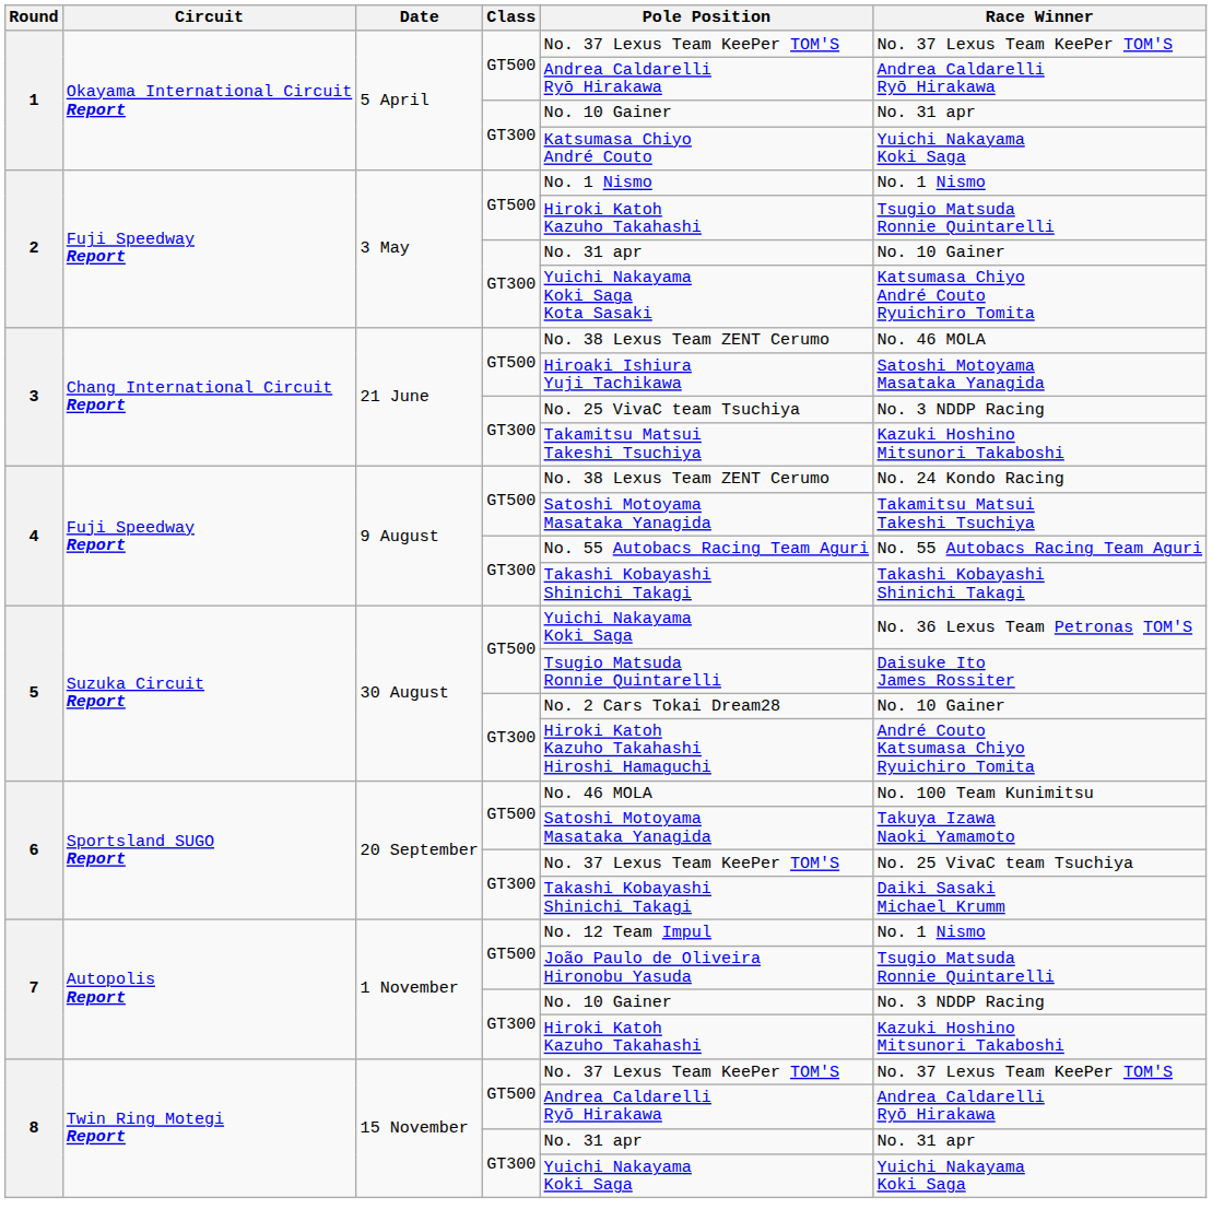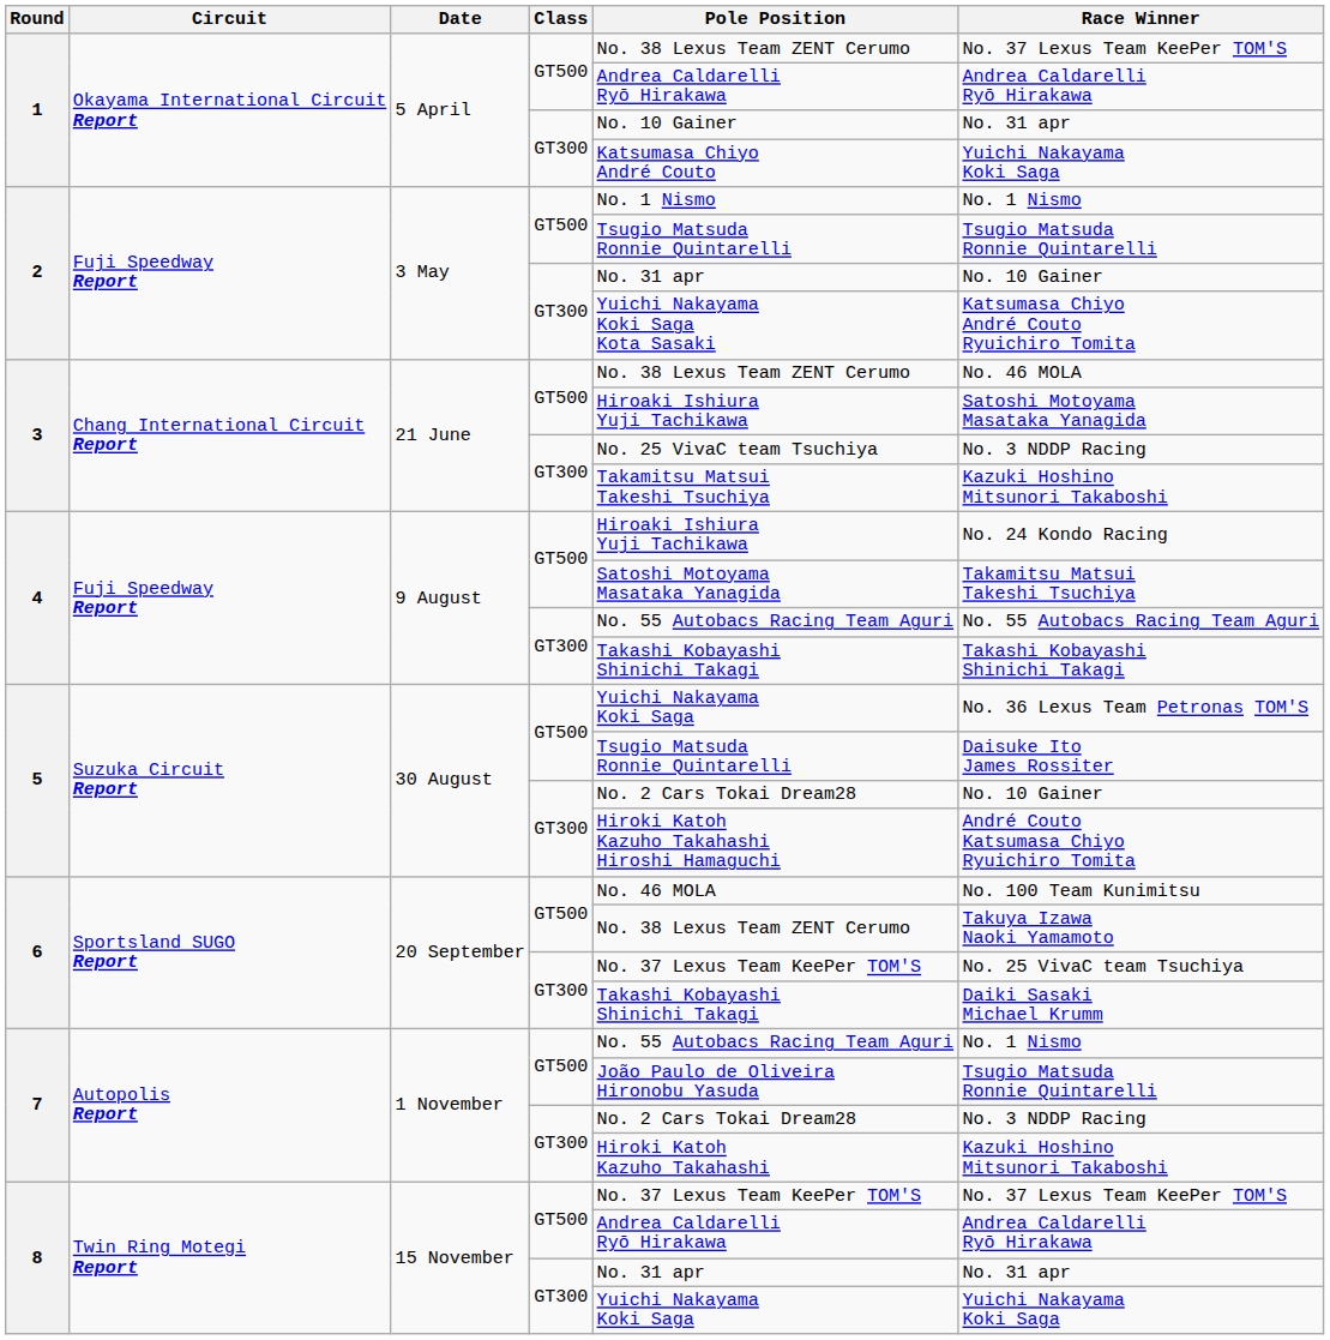 <table class="wikitable" style="font-size: 85%;">
 <tr>
 <th>Round</th>
 <th>Circuit</th>
 <th>Date</th>
 <th>Class</th>
 <th>Pole Position</th>
 <th>Race Winner</th>
 </tr>
 <tr>
 <th rowspan=4>1</th>
 <td rowspan=4> <a href='#'>Okayama International Circuit</a><br><strong><em><a href='#'>Report</a></em></strong></td>
 <td rowspan=4>5 April</td>
 <td align=center rowspan=2>GT500</td>
-<td>No. 37 Lexus Team KeePer <a href='#'>TOM'S</a></td>
+<td>No. 38 Lexus Team ZENT Cerumo</td>
 <td>No. 37 Lexus Team KeePer <a href='#'>TOM'S</a></td>
 </tr>
 <tr>
 <td> <a href='#'>Andrea Caldarelli</a><br> <a href='#'>Ryō Hirakawa</a></td>
 <td> <a href='#'>Andrea Caldarelli</a><br> <a href='#'>Ryō Hirakawa</a></td>
 </tr>
 <tr>
 <td align=center rowspan=2>GT300</td>
 <td>No. 10 Gainer</td>
 <td>No. 31 apr</td>
 </tr>
 <tr>
 <td> <a href='#'>Katsumasa Chiyo</a><br> <a href='#'>André Couto</a></td>
 <td> <a href='#'>Yuichi Nakayama</a><br> <a href='#'>Koki Saga</a></td>
 </tr>
 <tr>
 <th rowspan=4>2</th>
 <td rowspan=4> <a href='#'>Fuji Speedway</a><br><strong><em><a href='#'>Report</a></em></strong></td>
 <td rowspan=4>3 May</td>
 <td align=center rowspan=2>GT500</td>
 <td>No. 1 <a href='#'>Nismo</a></td>
 <td>No. 1 <a href='#'>Nismo</a></td>
 </tr>
 <tr>
-<td> <a href='#'>Hiroki Katoh</a><br> <a href='#'>Kazuho Takahashi</a></td>
+<td> <a href='#'>Tsugio Matsuda</a><br> <a href='#'>Ronnie Quintarelli</a></td>
 <td> <a href='#'>Tsugio Matsuda</a><br> <a href='#'>Ronnie Quintarelli</a></td>
 </tr>
 <tr>
 <td align=center rowspan=2>GT300</td>
 <td>No. 31 apr</td>
 <td>No. 10 Gainer</td>
 </tr>
 <tr>
 <td> <a href='#'>Yuichi Nakayama</a><br> <a href='#'>Koki Saga</a><br> <a href='#'>Kota Sasaki</a></td>
 <td> <a href='#'>Katsumasa Chiyo</a><br> <a href='#'>André Couto</a><br> <a href='#'>Ryuichiro Tomita</a></td>
 </tr>
 <tr>
 <th rowspan=4>3</th>
 <td rowspan=4> <a href='#'>Chang International Circuit</a><br><strong><em><a href='#'>Report</a></em></strong></td>
 <td rowspan=4>21 June</td>
 <td align=center rowspan=2>GT500</td>
 <td>No. 38 Lexus Team ZENT Cerumo</td>
 <td>No. 46 MOLA</td>
 </tr>
 <tr>
 <td> <a href='#'>Hiroaki Ishiura</a><br> <a href='#'>Yuji Tachikawa</a></td>
 <td> <a href='#'>Satoshi Motoyama</a><br> <a href='#'>Masataka Yanagida</a></td>
 </tr>
 <tr>
 <td align=center rowspan=2>GT300</td>
 <td>No. 25 VivaC team Tsuchiya</td>
 <td>No. 3 NDDP Racing</td>
 </tr>
 <tr>
 <td> <a href='#'>Takamitsu Matsui</a><br> <a href='#'>Takeshi Tsuchiya</a></td>
 <td> <a href='#'>Kazuki Hoshino</a><br> <a href='#'>Mitsunori Takaboshi</a></td>
 </tr>
 <tr>
 <th rowspan=4>4</th>
 <td rowspan=4> <a href='#'>Fuji Speedway</a><br><strong><em><a href='#'>Report</a></em></strong></td>
 <td rowspan=4>9 August</td>
 <td align=center rowspan=2>GT500</td>
-<td>No. 38 Lexus Team ZENT Cerumo</td>
+<td> <a href='#'>Hiroaki Ishiura</a><br> <a href='#'>Yuji Tachikawa</a></td>
 <td>No. 24 Kondo Racing</td>
 </tr>
 <tr>
 <td> <a href='#'>Satoshi Motoyama</a><br> <a href='#'>Masataka Yanagida</a></td>
 <td> <a href='#'>Takamitsu Matsui</a><br> <a href='#'>Takeshi Tsuchiya</a></td>
 </tr>
 <tr>
 <td align=center rowspan=2>GT300</td>
 <td>No. 55 <a href='#'>Autobacs Racing Team Aguri</a></td>
 <td>No. 55 <a href='#'>Autobacs Racing Team Aguri</a></td>
 </tr>
 <tr>
 <td> <a href='#'>Takashi Kobayashi</a><br> <a href='#'>Shinichi Takagi</a></td>
 <td> <a href='#'>Takashi Kobayashi</a><br> <a href='#'>Shinichi Takagi</a></td>
 </tr>
 <tr>
 <th rowspan=4>5</th>
 <td rowspan=4> <a href='#'>Suzuka Circuit</a><br><strong><em><a href='#'>Report</a></em></strong></td>
 <td rowspan=4>30 August</td>
 <td align=center rowspan=2>GT500</td>
 <td> <a href='#'>Yuichi Nakayama</a><br> <a href='#'>Koki Saga</a></td>
 <td>No. 36 Lexus Team <a href='#'>Petronas</a> <a href='#'>TOM'S</a></td>
 </tr>
 <tr>
 <td> <a href='#'>Tsugio Matsuda</a><br> <a href='#'>Ronnie Quintarelli</a></td>
 <td> <a href='#'>Daisuke Ito</a><br> <a href='#'>James Rossiter</a></td>
 </tr>
 <tr>
 <td align=center rowspan=2>GT300</td>
 <td>No. 2 Cars Tokai Dream28</td>
 <td>No. 10 Gainer</td>
 </tr>
 <tr>
 <td> <a href='#'>Hiroki Katoh</a><br> <a href='#'>Kazuho Takahashi</a><br> <a href='#'>Hiroshi Hamaguchi</a></td>
 <td> <a href='#'>André Couto</a><br> <a href='#'>Katsumasa Chiyo</a><br> <a href='#'>Ryuichiro Tomita</a></td>
 </tr>
 <tr>
 <th rowspan=4>6</th>
 <td rowspan=4> <a href='#'>Sportsland SUGO</a><br><strong><em><a href='#'>Report</a></em></strong></td>
 <td rowspan=4>20 September</td>
 <td align=center rowspan=2>GT500</td>
 <td>No. 46 MOLA</td>
 <td>No. 100 Team Kunimitsu</td>
 </tr>
 <tr>
-<td> <a href='#'>Satoshi Motoyama</a><br> <a href='#'>Masataka Yanagida</a></td>
+<td>No. 38 Lexus Team ZENT Cerumo</td>
 <td> <a href='#'>Takuya Izawa</a><br> <a href='#'>Naoki Yamamoto</a></td>
 </tr>
 <tr>
 <td align=center rowspan=2>GT300</td>
 <td>No. 37 Lexus Team KeePer <a href='#'>TOM'S</a></td>
 <td>No. 25 VivaC team Tsuchiya</td>
 </tr>
 <tr>
 <td> <a href='#'>Takashi Kobayashi</a><br> <a href='#'>Shinichi Takagi</a></td>
 <td> <a href='#'>Daiki Sasaki</a><br> <a href='#'>Michael Krumm</a></td>
 </tr>
 <tr>
 <th rowspan=4>7</th>
 <td rowspan=4> <a href='#'>Autopolis</a><br><strong><em><a href='#'>Report</a></em></strong></td>
 <td rowspan=4>1 November</td>
 <td align=center rowspan=2>GT500</td>
-<td>No. 12 Team <a href='#'>Impul</a></td>
+<td>No. 55 <a href='#'>Autobacs Racing Team Aguri</a></td>
 <td>No. 1 <a href='#'>Nismo</a></td>
 </tr>
 <tr>
 <td> <a href='#'>João Paulo de Oliveira</a><br> <a href='#'>Hironobu Yasuda</a></td>
 <td> <a href='#'>Tsugio Matsuda</a><br> <a href='#'>Ronnie Quintarelli</a></td>
 </tr>
 <tr>
 <td align=center rowspan=2>GT300</td>
-<td>No. 10 Gainer</td>
+<td>No. 2 Cars Tokai Dream28</td>
 <td>No. 3 NDDP Racing</td>
 </tr>
 <tr>
 <td> <a href='#'>Hiroki Katoh</a><br> <a href='#'>Kazuho Takahashi</a></td>
 <td> <a href='#'>Kazuki Hoshino</a><br> <a href='#'>Mitsunori Takaboshi</a></td>
 </tr>
 <tr>
 <th rowspan=4>8</th>
 <td rowspan=4> <a href='#'>Twin Ring Motegi</a><br><strong><em><a href='#'>Report</a></em></strong></td>
 <td rowspan=4>15 November</td>
 <td align=center rowspan=2>GT500</td>
 <td>No. 37 Lexus Team KeePer <a href='#'>TOM'S</a></td>
 <td>No. 37 Lexus Team KeePer <a href='#'>TOM'S</a></td>
 </tr>
 <tr>
 <td> <a href='#'>Andrea Caldarelli</a><br> <a href='#'>Ryō Hirakawa</a></td>
 <td> <a href='#'>Andrea Caldarelli</a><br> <a href='#'>Ryō Hirakawa</a></td>
 </tr>
 <tr>
 <td align=center rowspan=2>GT300</td>
 <td>No. 31 apr</td>
 <td>No. 31 apr</td>
 </tr>
 <tr>
 <td> <a href='#'>Yuichi Nakayama</a><br> <a href='#'>Koki Saga</a></td>
 <td> <a href='#'>Yuichi Nakayama</a><br> <a href='#'>Koki Saga</a></td>
 </tr>
 </table>
